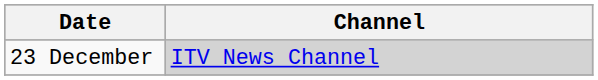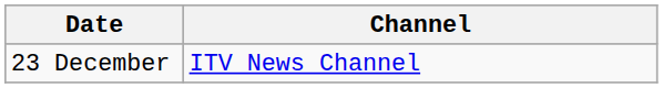 <table class="wikitable">
 <tr>
 <th width=90>Date</th>
 <th width=250>Channel</th>
 </tr>
 <tr>
 <td>23 December</td>
-<td style="background: lightgrey;"><a href='#'>ITV News Channel</a></td>
+<td><a href='#'>ITV News Channel</a></td>
 </tr>
 </table>
